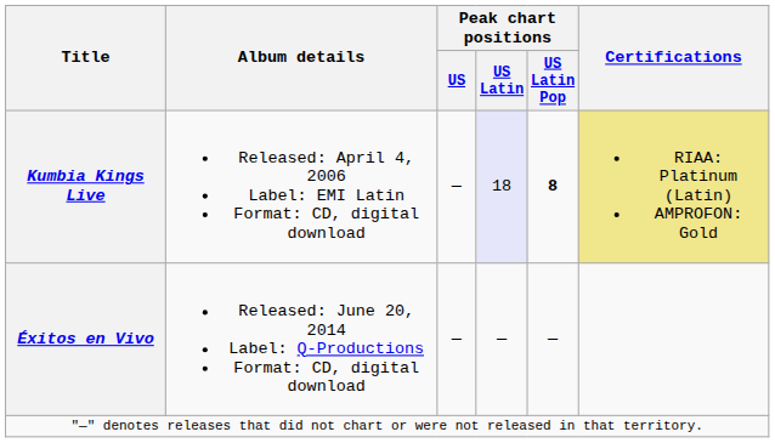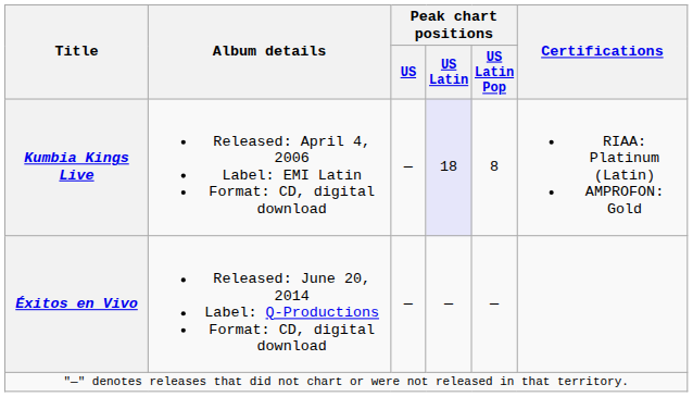 <table class="wikitable plainrowheaders" style="text-align:center;">
 <tr>
 <th scope="col" rowspan="2" style="width:11em;">Title</th>
 <th scope="col" rowspan="2" style="width:18em;">Album details</th>
 <th scope="col" colspan="3">Peak chart positions</th>
 <th scope="col" rowspan="2" style="width:12em;"><a href='#'>Certifications</a></th>
 </tr>
 <tr>
 <th scope="col" style="width:2.5em;font-size:90%;"><a href='#'>US</a><br></th>
 <th scope="col" style="width:2.5em;font-size:90%;"><a href='#'>US Latin</a><br></th>
 <th scope="col" style="width:2.5em;font-size:90%;"><a href='#'>US Latin Pop</a><br></th>
 </tr>
 <tr>
 <th scope="row"><em><a href='#'>Kumbia Kings Live</a></em></th>
 <td><br><ul><li>Released: April 4, 2006</li><li>Label: EMI Latin</li><li>Format: CD, digital download</li></ul></td>
 <td>—</td>
 <td style="background: lavender;">18</td>
-<td><strong>8</strong></td>
-<td style="background: khaki;"><br><ul><li>RIAA: Platinum (Latin)</li><li>AMPROFON: Gold</li></ul></td>
+<td>8</td>
+<td><br><ul><li>RIAA: Platinum (Latin)</li><li>AMPROFON: Gold</li></ul></td>
 </tr>
 <tr>
 <th scope="row"><em><a href='#'>Éxitos en Vivo</a></em></th>
 <td><br><ul><li>Released: June 20, 2014</li><li>Label: <a href='#'>Q-Productions</a></li><li>Format: CD, digital download</li></ul></td>
 <td>—</td>
 <td>—</td>
 <td>—</td>
 <td></td>
 </tr>
 <tr>
 <td colspan="14" align="center" style="font-size:8pt">"—" denotes releases that did not chart or were not released in that territory.</td>
 </tr>
 </table>
